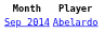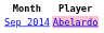 <table class="toccolours">
 <tr>
 <th>Month</th>
 <th>Player</th>
 </tr>
 <tr>
 <td align=center><a href='#'>Sep 2014</a></td>
-<td> <a href='#'>Abelardo</a></td>
+<td style="background: pink;"> <a href='#'>Abelardo</a></td>
 </tr>
 </table>
